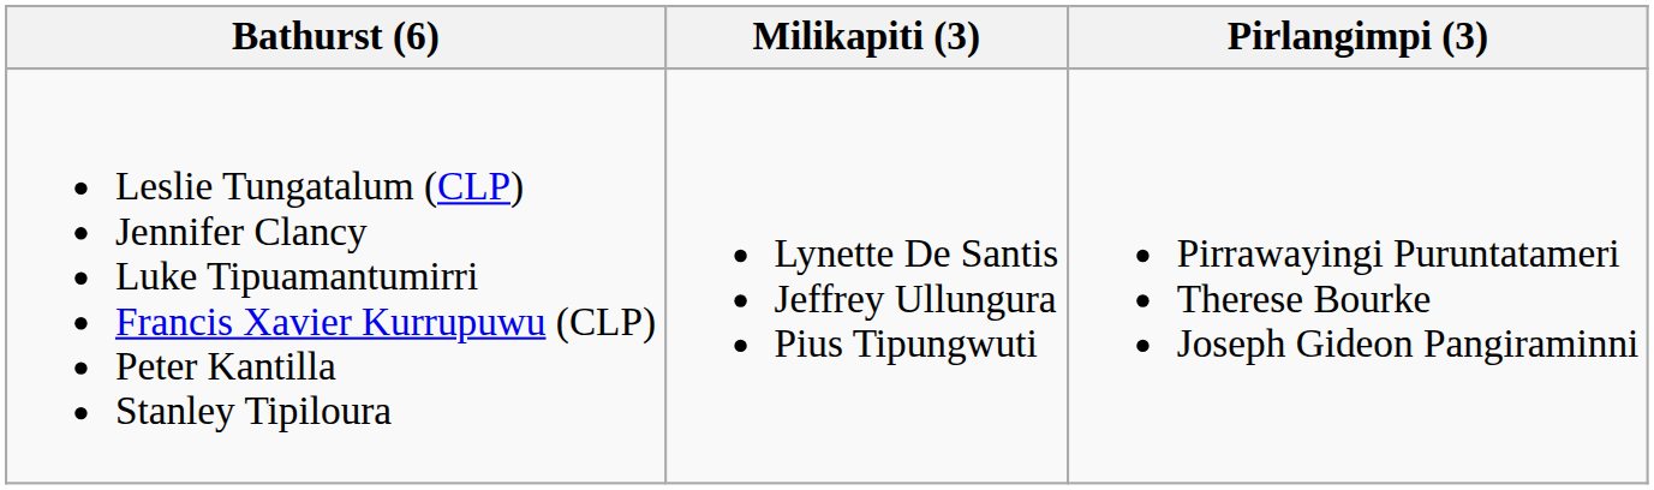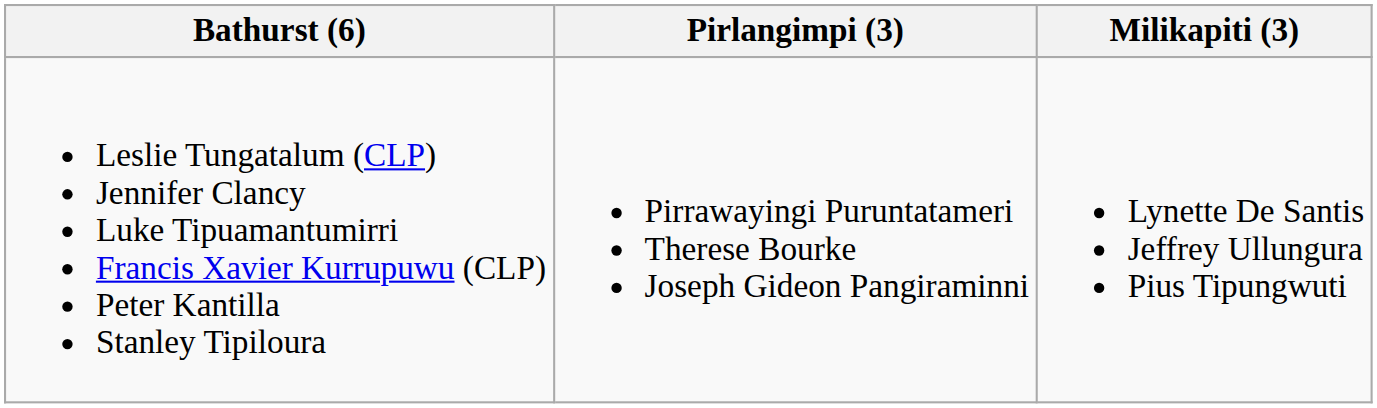 <table class="wikitable">
 <tr>
 <th>Bathurst (6)</th>
+<th>Pirlangimpi (3)</th>
 <th>Milikapiti (3)</th>
-<th>Pirlangimpi (3)</th>
 </tr>
 <tr>
 <td><br><ul><li>Leslie Tungatalum (<a href='#'>CLP</a>)</li><li>Jennifer Clancy</li><li>Luke Tipuamantumirri</li><li><a href='#'>Francis Xavier Kurrupuwu</a> (CLP)</li><li>Peter Kantilla</li><li>Stanley Tipiloura</li></ul></td>
+<td><br><ul><li>Pirrawayingi Puruntatameri</li><li>Therese Bourke</li><li>Joseph Gideon Pangiraminni</li></ul></td>
 <td><br><ul><li>Lynette De Santis</li><li>Jeffrey Ullungura</li><li>Pius Tipungwuti</li></ul></td>
-<td><br><ul><li>Pirrawayingi Puruntatameri</li><li>Therese Bourke</li><li>Joseph Gideon Pangiraminni</li></ul></td>
 </tr>
 </table>
